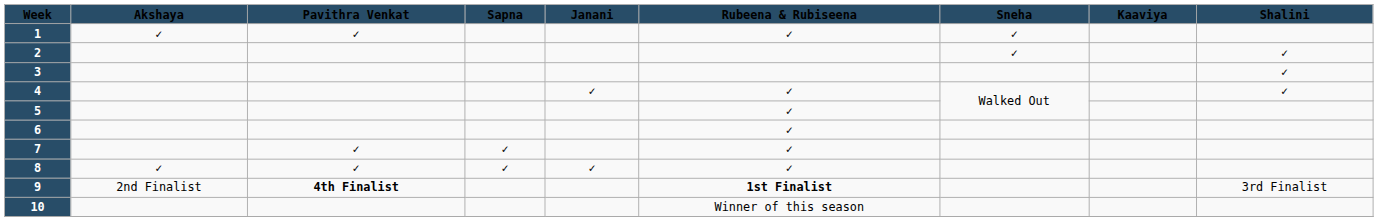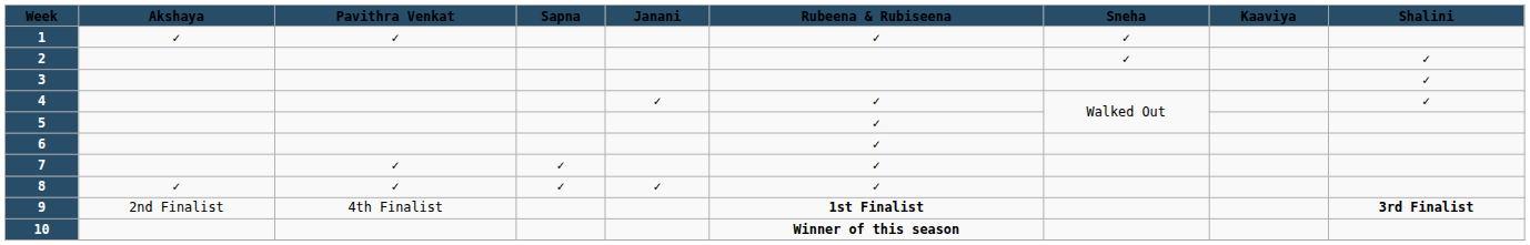 <table class="wikitable plainrowheaders" width="95%">
 <tr>
 <th scope="col" style ="background: #284D68;"style="background: #284D68 ;color:white"><strong>Week</strong></th>
 <th scope="col" style ="background: #284D68;"style="background: #284D68 ;color:white"><strong>Akshaya</strong></th>
 <th scope="col" style ="background: #284D68;"style="background: #284D68 ;color:white"><strong>Pavithra Venkat</strong></th>
 <th scope="col" style ="background: #284D68;"style="background: #284D68 ;color:white"><strong>Sapna</strong></th>
 <th scope="col" style ="background: #284D68;"style="background: #284D68 ;color:white"><strong>Janani</strong></th>
 <th scope="col" style ="background: #284D68;"style="background: #284D68 ;color:white"><strong>Rubeena & Rubiseena</strong></th>
 <th scope="col" style ="background: #284D68;"style="background: #284D68 ;color:white"><strong>Sneha</strong></th>
 <th scope="col" style ="background: #284D68;"style="background: #284D68 ;color:white"><strong>Kaaviya</strong></th>
 <th scope="col" style ="background: #284D68;"style="background: #284D68 ;color:white"><strong>Shalini</strong></th>
 </tr>
 <tr>
 <td style="text-align:center;background:#284D68;color:white"><strong>1</strong></td>
 <td style="text-align:center;">✓</td>
 <td style="text-align:center;">✓</td>
 <td style="text-align:center;"></td>
 <td style="text-align:center;"></td>
 <td style="text-align:center;">✓</td>
 <td style="text-align:center;">✓</td>
 <td style="text-align:center;"></td>
 <td style="text-align:center;"></td>
 </tr>
 <tr>
 <td style="text-align:center;background:#284D68;color:white"><strong>2</strong></td>
 <td style="text-align:center;"></td>
 <td style="text-align:center;"></td>
 <td style="text-align:center;"></td>
 <td style="text-align:center;"></td>
 <td style="text-align:center;"></td>
 <td style="text-align:center;">✓</td>
 <td style="text-align:center;"></td>
 <td style="text-align:center;">✓</td>
 </tr>
 <tr>
 <td style="text-align:center;background:#284D68;color:white"><strong>3</strong></td>
 <td style="text-align:center;"></td>
 <td style="text-align:center;"></td>
 <td style="text-align:center;"></td>
 <td style="text-align:center;"></td>
 <td style="text-align:center;"></td>
 <td style="text-align:center;"></td>
 <td style="text-align:center;"></td>
 <td style="text-align:center;">✓</td>
 </tr>
 <tr>
 <td style="text-align:center;background:#284D68;color:white"><strong>4</strong></td>
 <td style="text-align:center;"></td>
 <td style="text-align:center;"></td>
 <td style="text-align:center;"></td>
 <td style="text-align:center;">✓</td>
 <td style="text-align:center;">✓</td>
 <td rowspan="2" style="text-align:center;">Walked Out</td>
 <td style="text-align:center;"></td>
 <td style="text-align:center;">✓</td>
 </tr>
 <tr>
 <td style="text-align:center;background:#284D68;color:white"><strong>5</strong></td>
 <td style="text-align:center;"></td>
 <td style="text-align:center;"></td>
 <td style="text-align:center;"></td>
 <td style="text-align:center;"></td>
 <td style="text-align:center;">✓</td>
 <td style="text-align:center;"></td>
 <td style="text-align:center;"></td>
 </tr>
 <tr>
 <td style="text-align:center;background:#284D68;color:white"><strong>6</strong></td>
 <td style="text-align:center;"></td>
 <td style="text-align:center;"></td>
 <td style="text-align:center;"></td>
 <td style="text-align:center;"></td>
 <td style="text-align:center;">✓</td>
 <td style="text-align:center;"></td>
 <td style="text-align:center;"></td>
 <td style="text-align:center;"></td>
 </tr>
 <tr>
 <td style="text-align:center;background:#284D68;color:white"><strong>7</strong></td>
 <td style="text-align:center;"></td>
 <td style="text-align:center;">✓</td>
 <td style="text-align:center;">✓</td>
 <td style="text-align:center;"></td>
 <td style="text-align:center;">✓</td>
 <td style="text-align:center;"></td>
 <td style="text-align:center;"></td>
 <td style="text-align:center;"></td>
 </tr>
 <tr>
 <td style="text-align:center;background:#284D68;color:white"><strong>8</strong></td>
 <td style="text-align:center;">✓</td>
 <td style="text-align:center;">✓</td>
 <td style="text-align:center;">✓</td>
 <td style="text-align:center;">✓</td>
 <td style="text-align:center;">✓</td>
 <td style="text-align:center;"></td>
 <td style="text-align:center;"></td>
 <td style="text-align:center;"></td>
 </tr>
 <tr>
 <td style="text-align:center;background:#284D68;color:white"><strong>9</strong></td>
 <td style="text-align:center;">2nd Finalist</td>
-<td style="text-align:center;"><strong>4th Finalist</strong></td>
+<td style="text-align:center;">4th Finalist</td>
 <td style="text-align:center;"></td>
 <td style="text-align:center;"></td>
 <td style="text-align:center;"><strong>1st Finalist</strong></td>
 <td style="text-align:center;"></td>
 <td style="text-align:center;"></td>
-<td style="text-align:center;">3rd Finalist</td>
+<td style="text-align:center;"><strong>3rd Finalist</strong></td>
 </tr>
 <tr>
 <td style="text-align:center;background:#284D68;color:white"><strong>10</strong></td>
 <td style="text-align:center;"></td>
 <td style="text-align:center;"></td>
 <td style="text-align:center;"></td>
 <td style="text-align:center;"></td>
-<td style="text-align:center;">Winner of this season</td>
+<td style="text-align:center;"><strong>Winner of this season</strong></td>
 <td style="text-align:center;"></td>
 <td style="text-align:center;"></td>
 <td style="text-align:center;"></td>
 </tr>
 <tr>
 </tr>
 </table>
